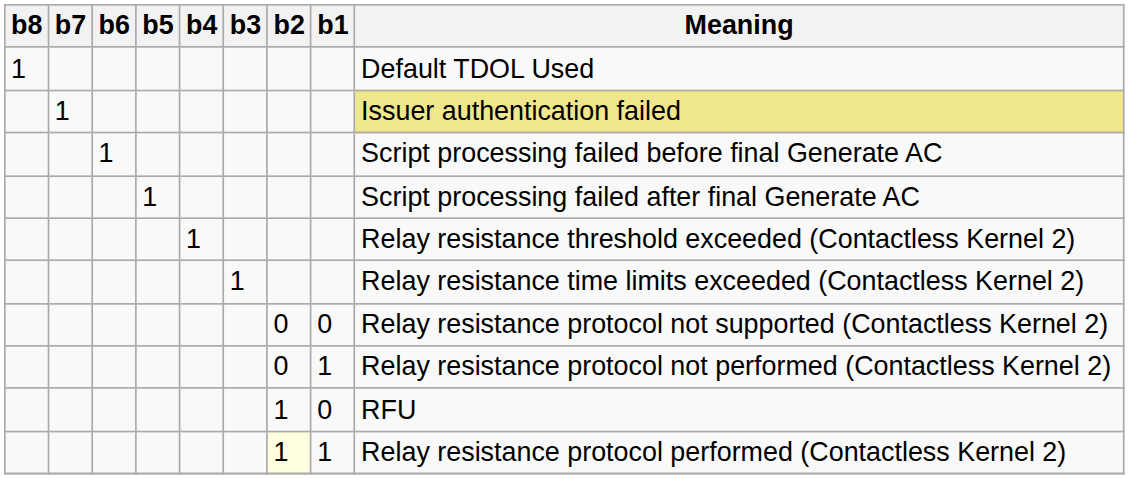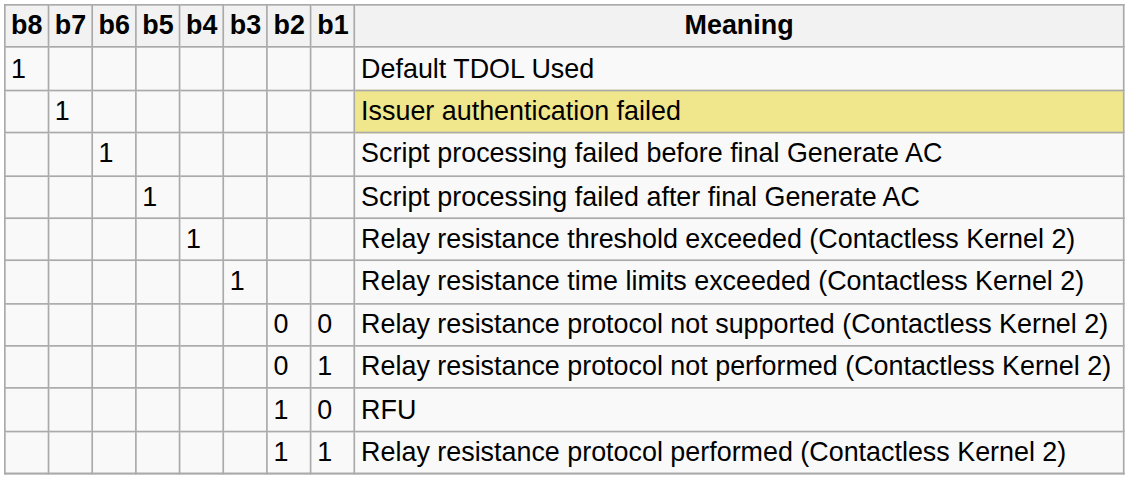 <table class="wikitable">
 <tr>
 <th>b8</th>
 <th>b7</th>
 <th>b6</th>
 <th>b5</th>
 <th>b4</th>
 <th>b3</th>
 <th>b2</th>
 <th>b1</th>
 <th width="450pt">Meaning</th>
 </tr>
 <tr>
 <td>1</td>
 <td></td>
 <td></td>
 <td></td>
 <td></td>
 <td></td>
 <td></td>
 <td></td>
 <td>Default TDOL Used</td>
 </tr>
 <tr>
 <td></td>
 <td>1</td>
 <td></td>
 <td></td>
 <td></td>
 <td></td>
 <td></td>
 <td></td>
 <td style="background: khaki;">Issuer authentication failed</td>
 </tr>
 <tr>
 <td></td>
 <td></td>
 <td>1</td>
 <td></td>
 <td></td>
 <td></td>
 <td></td>
 <td></td>
 <td>Script processing failed before final Generate AC</td>
 </tr>
 <tr>
 <td></td>
 <td></td>
 <td></td>
 <td>1</td>
 <td></td>
 <td></td>
 <td></td>
 <td></td>
 <td>Script processing failed after final Generate AC</td>
 </tr>
 <tr>
 <td></td>
 <td></td>
 <td></td>
 <td></td>
 <td>1</td>
 <td></td>
 <td></td>
 <td></td>
 <td>Relay resistance threshold exceeded (Contactless Kernel 2)</td>
 </tr>
 <tr>
 <td></td>
 <td></td>
 <td></td>
 <td></td>
 <td></td>
 <td>1</td>
 <td></td>
 <td></td>
 <td>Relay resistance time limits exceeded (Contactless Kernel 2)</td>
 </tr>
 <tr>
 <td></td>
 <td></td>
 <td></td>
 <td></td>
 <td></td>
 <td></td>
 <td>0</td>
 <td>0</td>
 <td>Relay resistance protocol not supported (Contactless Kernel 2)</td>
 </tr>
 <tr>
 <td></td>
 <td></td>
 <td></td>
 <td></td>
 <td></td>
 <td></td>
 <td>0</td>
 <td>1</td>
 <td>Relay resistance protocol not performed (Contactless Kernel 2)</td>
 </tr>
 <tr>
 <td></td>
 <td></td>
 <td></td>
 <td></td>
 <td></td>
 <td></td>
 <td>1</td>
 <td>0</td>
 <td>RFU</td>
 </tr>
 <tr>
 <td></td>
 <td></td>
 <td></td>
 <td></td>
 <td></td>
 <td></td>
-<td style="background: lightyellow;">1</td>
+<td>1</td>
 <td>1</td>
 <td>Relay resistance protocol performed (Contactless Kernel 2)</td>
 </tr>
 <tr>
 </tr>
 </table>
